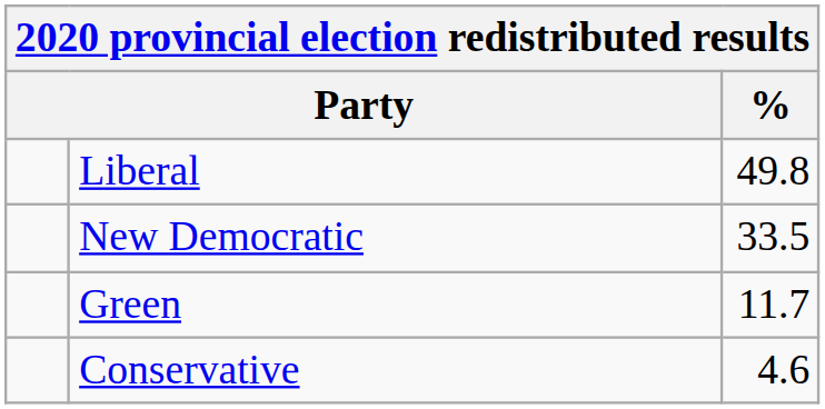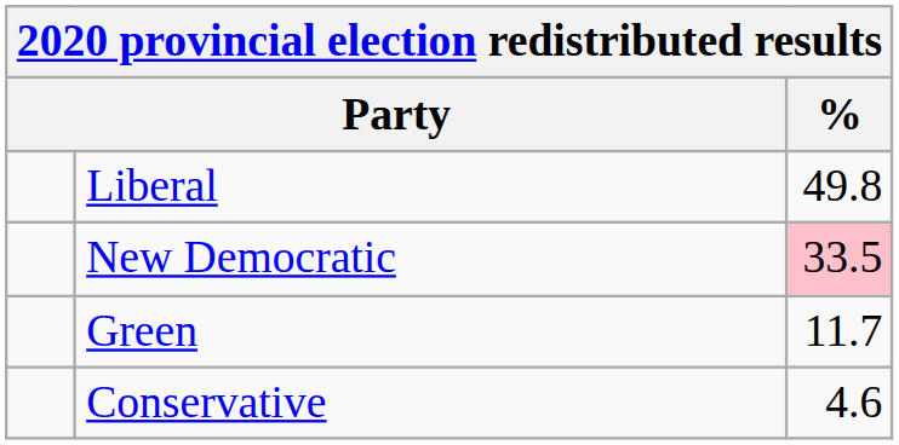 <table class="wikitable">
 <tr>
 <th colspan="4"><a href='#'>2020 provincial election</a> redistributed results</th>
 </tr>
 <tr>
 <th bgcolor="#DDDDFF" width="130px" colspan="2">Party</th>
 <th bgcolor="#DDDDFF" width="30px">%</th>
 </tr>
 <tr>
 <td> </td>
 <td><a href='#'>Liberal</a></td>
 <td align=right>49.8</td>
 </tr>
 <tr>
 <td> </td>
 <td><a href='#'>New Democratic</a></td>
-<td align=right>33.5</td>
+<td align=right style="background: pink;">33.5</td>
 </tr>
 <tr>
 <td> </td>
 <td><a href='#'>Green</a></td>
 <td align=right>11.7</td>
 </tr>
 <tr>
 <td> </td>
 <td><a href='#'>Conservative</a></td>
 <td align=right>4.6</td>
 </tr>
 </table>
